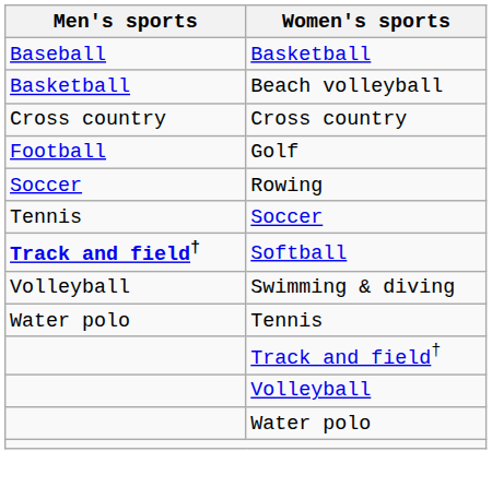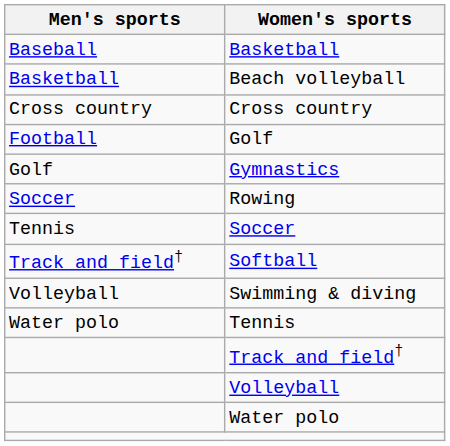 <table class="wikitable" style="  ">
 <tr>
 <th width=150px>Men's sports</th>
 <th width=150px>Women's sports</th>
 </tr>
 <tr>
 <td><a href='#'>Baseball</a></td>
 <td><a href='#'>Basketball</a></td>
 </tr>
 <tr>
 <td><a href='#'>Basketball</a></td>
 <td>Beach volleyball</td>
 </tr>
 <tr>
 <td>Cross country</td>
 <td>Cross country</td>
 </tr>
 <tr>
 <td><a href='#'>Football</a></td>
 <td>Golf</td>
 </tr>
 <tr>
+<td>Golf</td>
+<td><a href='#'>Gymnastics</a></td>
+</tr>
+<tr>
 <td><a href='#'>Soccer</a></td>
 <td>Rowing</td>
 </tr>
 <tr>
 <td>Tennis</td>
 <td><a href='#'>Soccer</a></td>
 </tr>
 <tr>
-<td><strong><a href='#'>Track and field</a><sup>†</sup></strong></td>
+<td><a href='#'>Track and field</a><sup>†</sup></td>
 <td><a href='#'>Softball</a></td>
 </tr>
 <tr>
 <td>Volleyball</td>
 <td>Swimming & diving</td>
 </tr>
 <tr>
 <td>Water polo</td>
 <td>Tennis</td>
 </tr>
 <tr>
 <td></td>
 <td><a href='#'>Track and field</a><sup>†</sup></td>
 </tr>
 <tr>
 <td></td>
 <td><a href='#'>Volleyball</a></td>
 </tr>
 <tr>
 <td></td>
 <td>Water polo</td>
 </tr>
 <tr>
 <td colspan="2"></td>
 </tr>
 </table>
